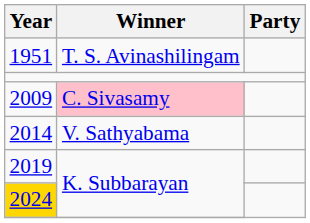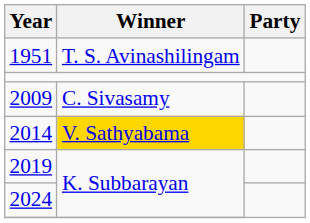 <table class="wikitable">
 <tr>
 <th>Year</th>
 <th>Winner</th>
 <th colspan="2">Party</th>
 </tr>
 <tr>
 <td><a href='#'>1951</a></td>
 <td><a href='#'>T. S. Avinashilingam</a></td>
 <td></td>
 </tr>
 <tr>
 <td colspan="4"></td>
 </tr>
 <tr>
 <td><a href='#'>2009</a></td>
-<td style="background: pink;"><a href='#'>C. Sivasamy</a></td>
+<td><a href='#'>C. Sivasamy</a></td>
 <td></td>
 </tr>
 <tr>
 <td><a href='#'>2014</a></td>
-<td><a href='#'>V. Sathyabama</a></td>
+<td style="background: gold;"><a href='#'>V. Sathyabama</a></td>
 </tr>
 <tr>
 <td><a href='#'>2019</a></td>
 <td rowspan=2><a href='#'>K. Subbarayan</a></td>
 <td></td>
 </tr>
 <tr>
-<td style="background: gold;"><a href='#'>2024</a></td>
+<td><a href='#'>2024</a></td>
 </tr>
 <tr>
 </tr>
 </table>
